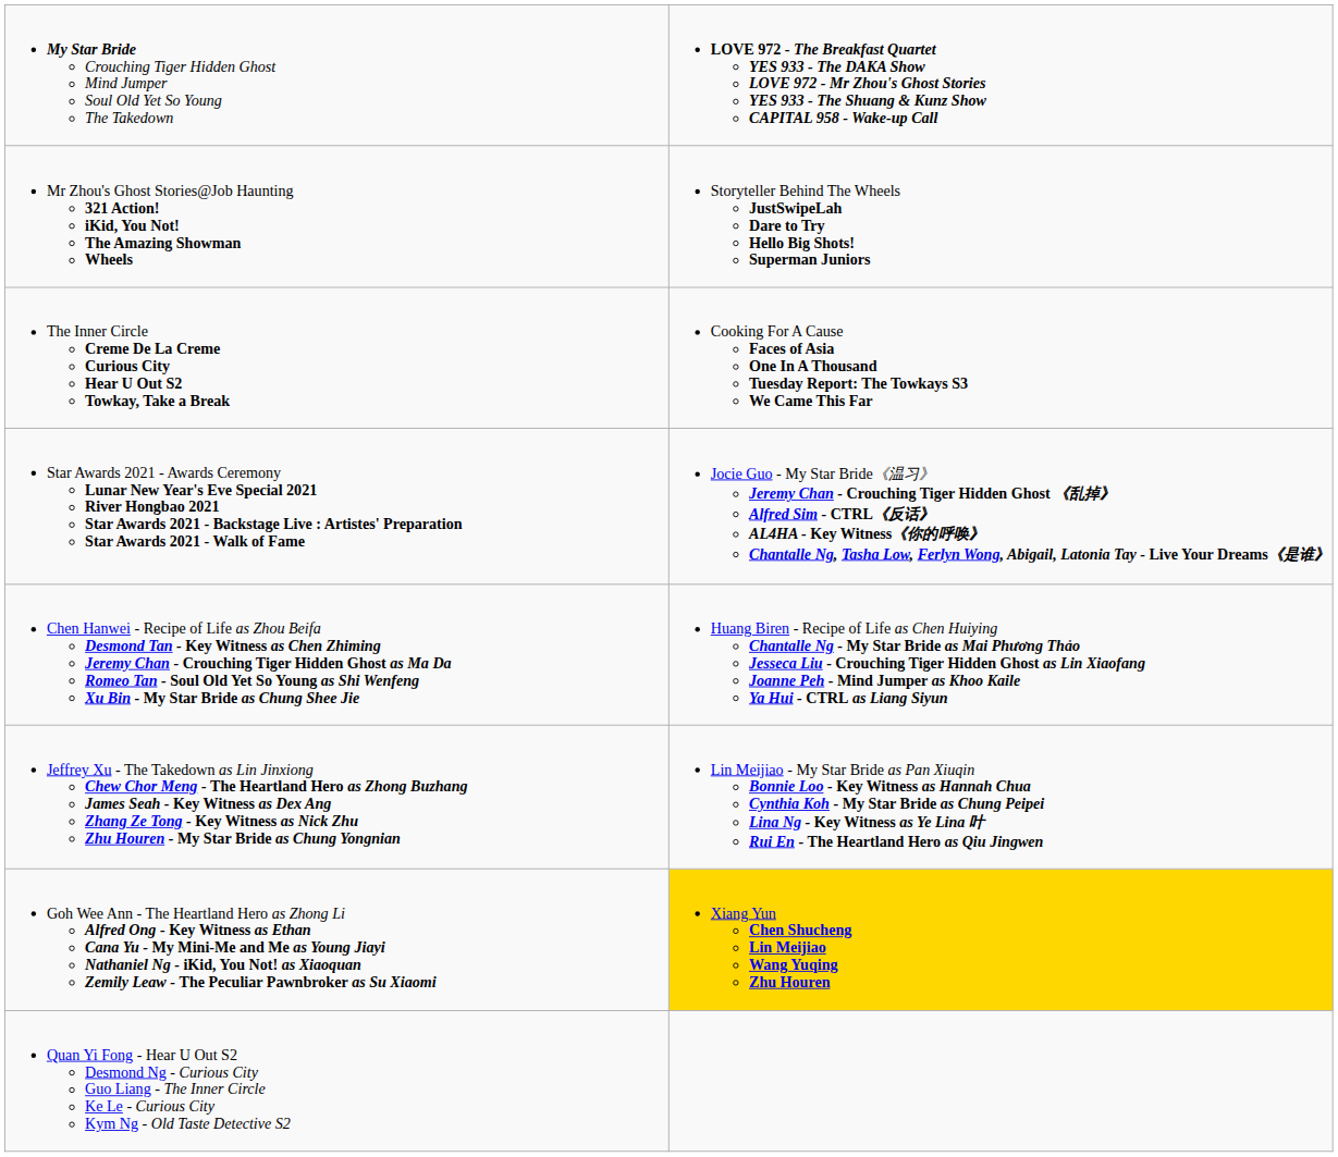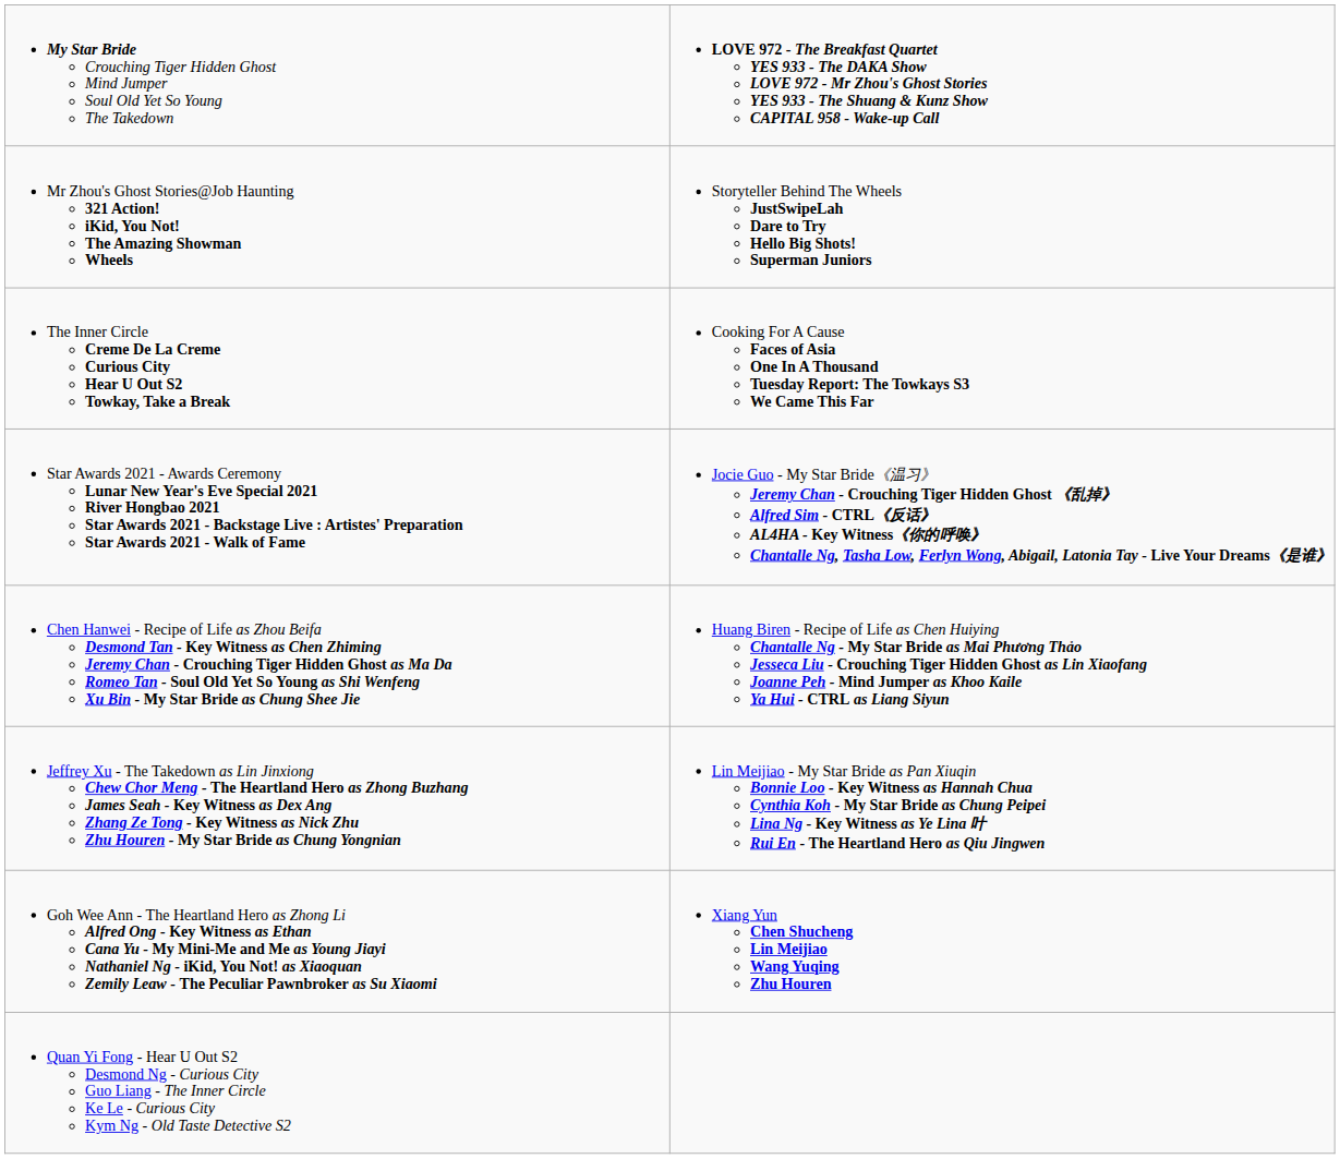 <table class=wikitable>
 <tr>
 <td valign="top" width="50%"><br><div></div><ul><li><strong><em>My Star Bride</em></strong><ul><li><em>Crouching Tiger Hidden Ghost</em></li><li><em>Mind Jumper</em></li><li><em>Soul Old Yet So Young</em></li><li><em>The Takedown</em></li></ul></li></ul></td>
 <td valign="top" width="50%"><br><div></div><ul><li><strong>LOVE 972 - <em>The Breakfast Quartet<strong><em><ul><li>YES 933 - </em>The DAKA Show<em></li><li>LOVE 972 - </em>Mr Zhou's Ghost Stories<em></li><li>YES 933 - </em>The Shuang & Kunz Show<em></li><li>CAPITAL 958 - </em>Wake-up Call<em></li></ul></li></ul></td>
 </tr>
 <tr>
 <td valign="top" width="50%"><br><div></div><ul><li></em></strong>Mr Zhou's Ghost Stories@Job Haunting<strong><em><ul><li></em>321 Action!<em></li><li></em>iKid, You Not!<em></li><li></em>The Amazing Showman<em></li><li></em>Wheels<em></li></ul></li></ul></td>
 <td valign="top" width="50%"><br><div></div><ul><li></em></strong>Storyteller Behind The Wheels<strong><em><ul><li></em>JustSwipeLah<em></li><li></em>Dare to Try<em></li><li></em>Hello Big Shots!<em></li><li></em>Superman Juniors<em></li></ul></li></ul></td>
 </tr>
 <tr>
 <td valign="top" width="50%"><br><div></div><ul><li></em></strong>The Inner Circle<strong><em><ul><li></em>Creme De La Creme<em></li><li></em>Curious City<em></li><li></em>Hear U Out S2<em></li><li></em>Towkay, Take a Break<em></li></ul></li></ul></td>
 <td valign="top" width="50%"><br><div></div><ul><li></em></strong>Cooking For A Cause<strong><em><ul><li></em>Faces of Asia<em></li><li></em>One In A Thousand<em></li><li></em>Tuesday Report: The Towkays S3<em></li><li></em>We Came This Far<em></li></ul></li></ul></td>
 </tr>
 <tr>
 <td valign="top" width="50%"><br><div></div><ul><li></em></strong>Star Awards 2021 - Awards Ceremony<strong><em><ul><li></em>Lunar New Year's Eve Special 2021<em></li><li></em>River Hongbao 2021<em></li><li></em>Star Awards 2021 - Backstage Live : Artistes' Preparation<em></li><li></em>Star Awards 2021 - Walk of Fame<em></li></ul></li></ul></td>
 <td valign="top" width="50%"><br><div></div><ul><li></strong><a href='#'>Jocie Guo</a>  - </em>My Star Bride<em>《温习》<strong><ul><li><a href='#'>Jeremy Chan</a>  - </em>Crouching Tiger Hidden Ghost<em> 《乱掉》</li><li><a href='#'>Alfred Sim</a>  - </em>CTRL<em>《反话》</li><li>AL4HA - </em>Key Witness<em>《你的呼唤》</li><li><a href='#'>Chantalle Ng</a>, <a href='#'>Tasha Low</a>, <a href='#'>Ferlyn Wong</a>, Abigail, Latonia Tay - </em>Live Your Dreams<em>《是谁》</li></ul></li></ul></td>
 </tr>
 <tr>
 <td valign="top" width="50%"><br><div></div><ul><li></strong><a href='#'>Chen Hanwei</a>  - </em>Recipe of Life<em>  as Zhou Beifa<strong><ul><li><a href='#'>Desmond Tan</a>  - </em>Key Witness<em> as Chen Zhiming</li><li><a href='#'>Jeremy Chan</a>  - </em>Crouching Tiger Hidden Ghost<em> as Ma Da</li><li><a href='#'>Romeo Tan</a>  - </em>Soul Old Yet So Young<em> as Shi Wenfeng</li><li><a href='#'>Xu Bin</a>  - </em>My Star Bride<em> as Chung Shee Jie</li></ul></li></ul></td>
 <td valign="top" width="50%"><br><div></div><ul><li></strong><a href='#'>Huang Biren</a> - </em>Recipe of Life<em> as Chen Huiying<strong><ul><li><a href='#'>Chantalle Ng</a>  - </em>My Star Bride<em>  as Mai Phương Thảo</li><li><a href='#'>Jesseca Liu</a> - </em>Crouching Tiger Hidden Ghost<em> as Lin Xiaofang</li><li><a href='#'>Joanne Peh</a> - </em>Mind Jumper<em> as Khoo Kaile</li><li><a href='#'>Ya Hui</a> - </em>CTRL<em> as Liang Siyun</li></ul></li></ul></td>
 </tr>
 <tr>
 <td valign="top" width="50%"><br><div></div><ul><li></strong><a href='#'>Jeffrey Xu</a> - </em>The Takedown<em> as Lin Jinxiong<strong><ul><li><a href='#'>Chew Chor Meng</a> - </em>The Heartland Hero<em> as Zhong Buzhang</li><li>James Seah - </em>Key Witness<em> as Dex Ang</li><li><a href='#'>Zhang Ze Tong</a>  - </em>Key Witness<em> as Nick Zhu</li><li><a href='#'>Zhu Houren</a>  - </em>My Star Bride<em> as Chung Yongnian</li></ul></li></ul></td>
 <td valign="top" width="50%"><br><div></div><ul><li></strong><a href='#'>Lin Meijiao</a>  - </em>My Star Bride<em> as Pan Xiuqin<strong><ul><li><a href='#'>Bonnie Loo</a> - </em>Key Witness<em> as Hannah Chua</li><li><a href='#'>Cynthia Koh</a>  - </em>My Star Bride<em>  as Chung Peipei</li><li><a href='#'>Lina Ng</a> - </em>Key Witness<em> as Ye Lina 叶</li><li><a href='#'>Rui En</a>  - </em>The Heartland Hero<em> as Qiu Jingwen</li></ul></li></ul></td>
 </tr>
 <tr>
 <td valign="top" width="50%"><br><div></div><ul><li></strong>Goh Wee Ann - </em>The Heartland Hero<em> as Zhong Li<strong><ul><li>Alfred Ong - </em>Key Witness<em> as Ethan</li><li>Cana Yu - </em>My Mini-Me and Me<em> as Young Jiayi</li><li>Nathaniel Ng - </em>iKid, You Not!<em> as Xiaoquan</li><li>Zemily Leaw - </em>The Peculiar Pawnbroker<em> as Su Xiaomi</li></ul></li></ul></td>
-<td valign="top" width="50%" style="background: gold;"><br><div></div><ul><li></strong><a href='#'>Xiang Yun</a><strong><ul><li><a href='#'>Chen Shucheng</a></li><li><a href='#'>Lin Meijiao</a></li><li><a href='#'>Wang Yuqing</a></li><li><a href='#'>Zhu Houren</a></li></ul></li></ul></td>
+<td valign="top" width="50%"><br><div></div><ul><li></strong><a href='#'>Xiang Yun</a><strong><ul><li><a href='#'>Chen Shucheng</a></li><li><a href='#'>Lin Meijiao</a></li><li><a href='#'>Wang Yuqing</a></li><li><a href='#'>Zhu Houren</a></li></ul></li></ul></td>
 </tr>
 <tr>
 <td valign="top" width="50%"><br><div></div><ul><li></strong><a href='#'>Quan Yi Fong</a>  - </em>Hear U Out S2</em></strong><ul><li><a href='#'>Desmond Ng</a> - <em>Curious City</em></li><li><a href='#'>Guo Liang</a>  - <em>The Inner Circle</em></li><li><a href='#'>Ke Le</a> - <em>Curious City</em></li><li><a href='#'>Kym Ng</a>  - <em>Old Taste Detective S2</em></li></ul></li></ul></td>
 <td></td>
 </tr>
 </table>
